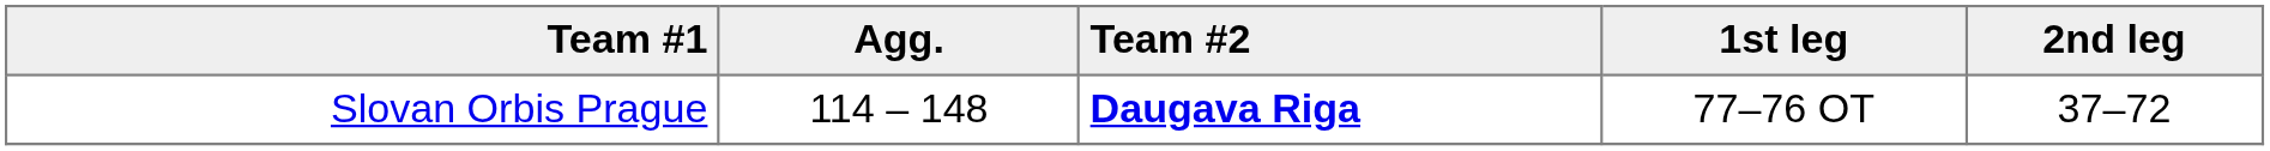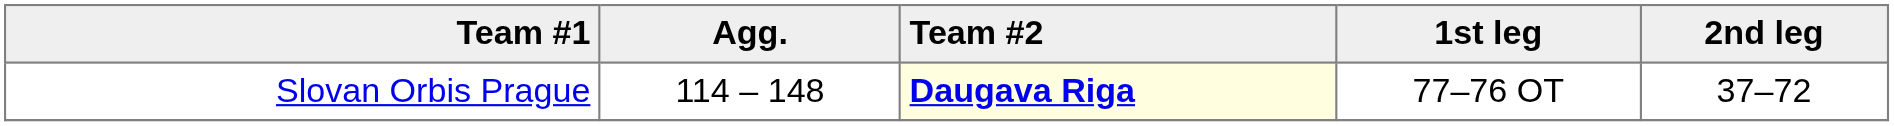 <table border=1 cellspacing=0 cellpadding=4 style="border-collapse: collapse;" width=70%>
 <tr bgcolor="efefef">
 <th align=right>Team #1</th>
 <th>Agg.</th>
 <th align=left>Team #2</th>
 <th>1st leg</th>
 <th>2nd leg</th>
 </tr>
 <tr>
 <td align=right><a href='#'>Slovan Orbis Prague</a> </td>
 <td align=center>114 – 148</td>
-<td> <strong><a href='#'>Daugava Riga</a></strong></td>
+<td style="background: lightyellow;"> <strong><a href='#'>Daugava Riga</a></strong></td>
 <td align=center>77–76 OT</td>
 <td align=center>37–72</td>
 </tr>
 <tr>
 </tr>
 </table>
